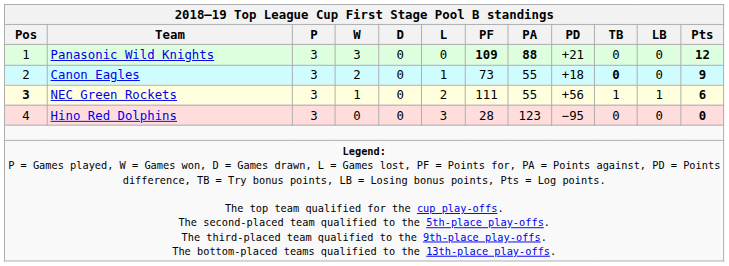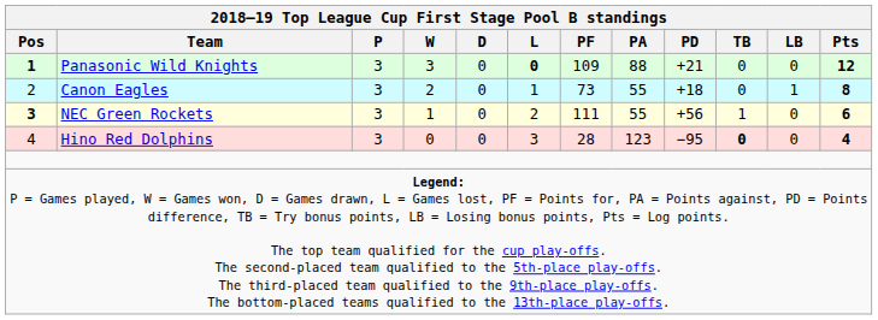 <table class="wikitable" style="text-align:center; font-size:100%; width:60%;">
 <tr>
 <th colspan="100%" cellpadding="0" cellspacing="0"><strong>2018–19 Top League Cup First Stage Pool B standings</strong></th>
 </tr>
 <tr>
 <th style="width:6%;">Pos</th>
 <th style="width:34%;">Team</th>
 <th style="width:6%;">P</th>
 <th style="width:6%;">W</th>
 <th style="width:6%;">D</th>
 <th style="width:6%;">L</th>
 <th style="width:6%;">PF</th>
 <th style="width:6%;">PA</th>
 <th style="width:6%;">PD</th>
 <th style="width:6%;">TB</th>
 <th style="width:6%;">LB</th>
 <th style="width:6%;">Pts<br></th>
 </tr>
 <tr style="background:#DDFFDD;">
-<td>1</td>
+<td><strong>1</strong></td>
 <td style="text-align:left;"><a href='#'>Panasonic Wild Knights</a></td>
 <td>3</td>
 <td>3</td>
 <td>0</td>
-<td>0</td>
-<td><strong>109</strong></td>
-<td><strong>88</strong></td>
+<td><strong>0</strong></td>
+<td>109</td>
+<td>88</td>
 <td>+21</td>
 <td>0</td>
 <td>0</td>
 <td><strong>12</strong></td>
 </tr>
 <tr style="background:#CFFCFF;">
 <td>2</td>
 <td style="text-align:left;"><a href='#'>Canon Eagles</a></td>
 <td>3</td>
 <td>2</td>
 <td>0</td>
 <td>1</td>
 <td>73</td>
 <td>55</td>
 <td>+18</td>
-<td><strong>0</strong></td>
 <td>0</td>
-<td><strong>9</strong></td>
+<td>1</td>
+<td><strong>8</strong></td>
 </tr>
 <tr style="background:#FFFFDD;">
 <td><strong>3</strong></td>
 <td style="text-align:left;"><a href='#'>NEC Green Rockets</a></td>
 <td>3</td>
 <td>1</td>
 <td>0</td>
 <td>2</td>
 <td>111</td>
 <td>55</td>
 <td>+56</td>
 <td>1</td>
-<td>1</td>
+<td>0</td>
 <td><strong>6</strong></td>
 </tr>
 <tr style="background:#FFDDDD;">
 <td>4</td>
 <td style="text-align:left;"><a href='#'>Hino Red Dolphins</a></td>
 <td>3</td>
 <td>0</td>
 <td>0</td>
 <td>3</td>
 <td>28</td>
 <td>123</td>
 <td>−95</td>
+<td><strong>0</strong></td>
 <td>0</td>
-<td>0</td>
-<td><strong>0</strong></td>
+<td><strong>4</strong></td>
 </tr>
 <tr>
 <td colspan="100%" style="height:10px;"></td>
 </tr>
 <tr>
 <td colspan="100%"><small><strong>Legend:</strong> <br> P = Games played, W = Games won, D = Games drawn, L = Games lost, PF = Points for, PA = Points against, PD = Points difference, TB = Try bonus points, LB = Losing bonus points, Pts = Log points. <br> <br> <span>The top team</span> qualified for the <a href='#'>cup play-offs</a>. <br> <span>The second-placed team</span> qualified to the <a href='#'>5th-place play-offs</a>. <br> <span>The third-placed team</span> qualified to the <a href='#'>9th-place play-offs</a>. <br> <span>The bottom-placed teams</span> qualified to the <a href='#'>13th-place play-offs</a>.</small></td>
 </tr>
 </table>
